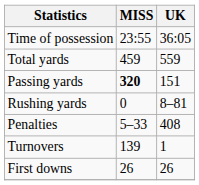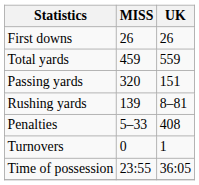 <table class="wikitable" style="float: left;">
 <tr>
 <th>Statistics</th>
 <th>MISS</th>
 <th>UK</th>
 </tr>
 <tr>
-<td>Time of possession</td>
-<td>23:55</td>
-<td>36:05</td>
+<td>First downs</td>
+<td>26</td>
+<td>26</td>
 </tr>
 <tr>
 <td>Total yards</td>
 <td>459</td>
 <td>559</td>
 </tr>
 <tr>
 <td>Passing yards</td>
-<td><strong>320</strong></td>
+<td>320</td>
 <td>151</td>
 </tr>
 <tr>
 <td>Rushing yards</td>
-<td>0</td>
+<td>139</td>
 <td>8–81</td>
 </tr>
 <tr>
 <td>Penalties</td>
 <td>5–33</td>
 <td>408</td>
 </tr>
 <tr>
 <td>Turnovers</td>
-<td>139</td>
+<td>0</td>
 <td>1</td>
 </tr>
 <tr>
-<td>First downs</td>
-<td>26</td>
-<td>26</td>
+<td>Time of possession</td>
+<td>23:55</td>
+<td>36:05</td>
 </tr>
 <tr>
 </tr>
 </table>
